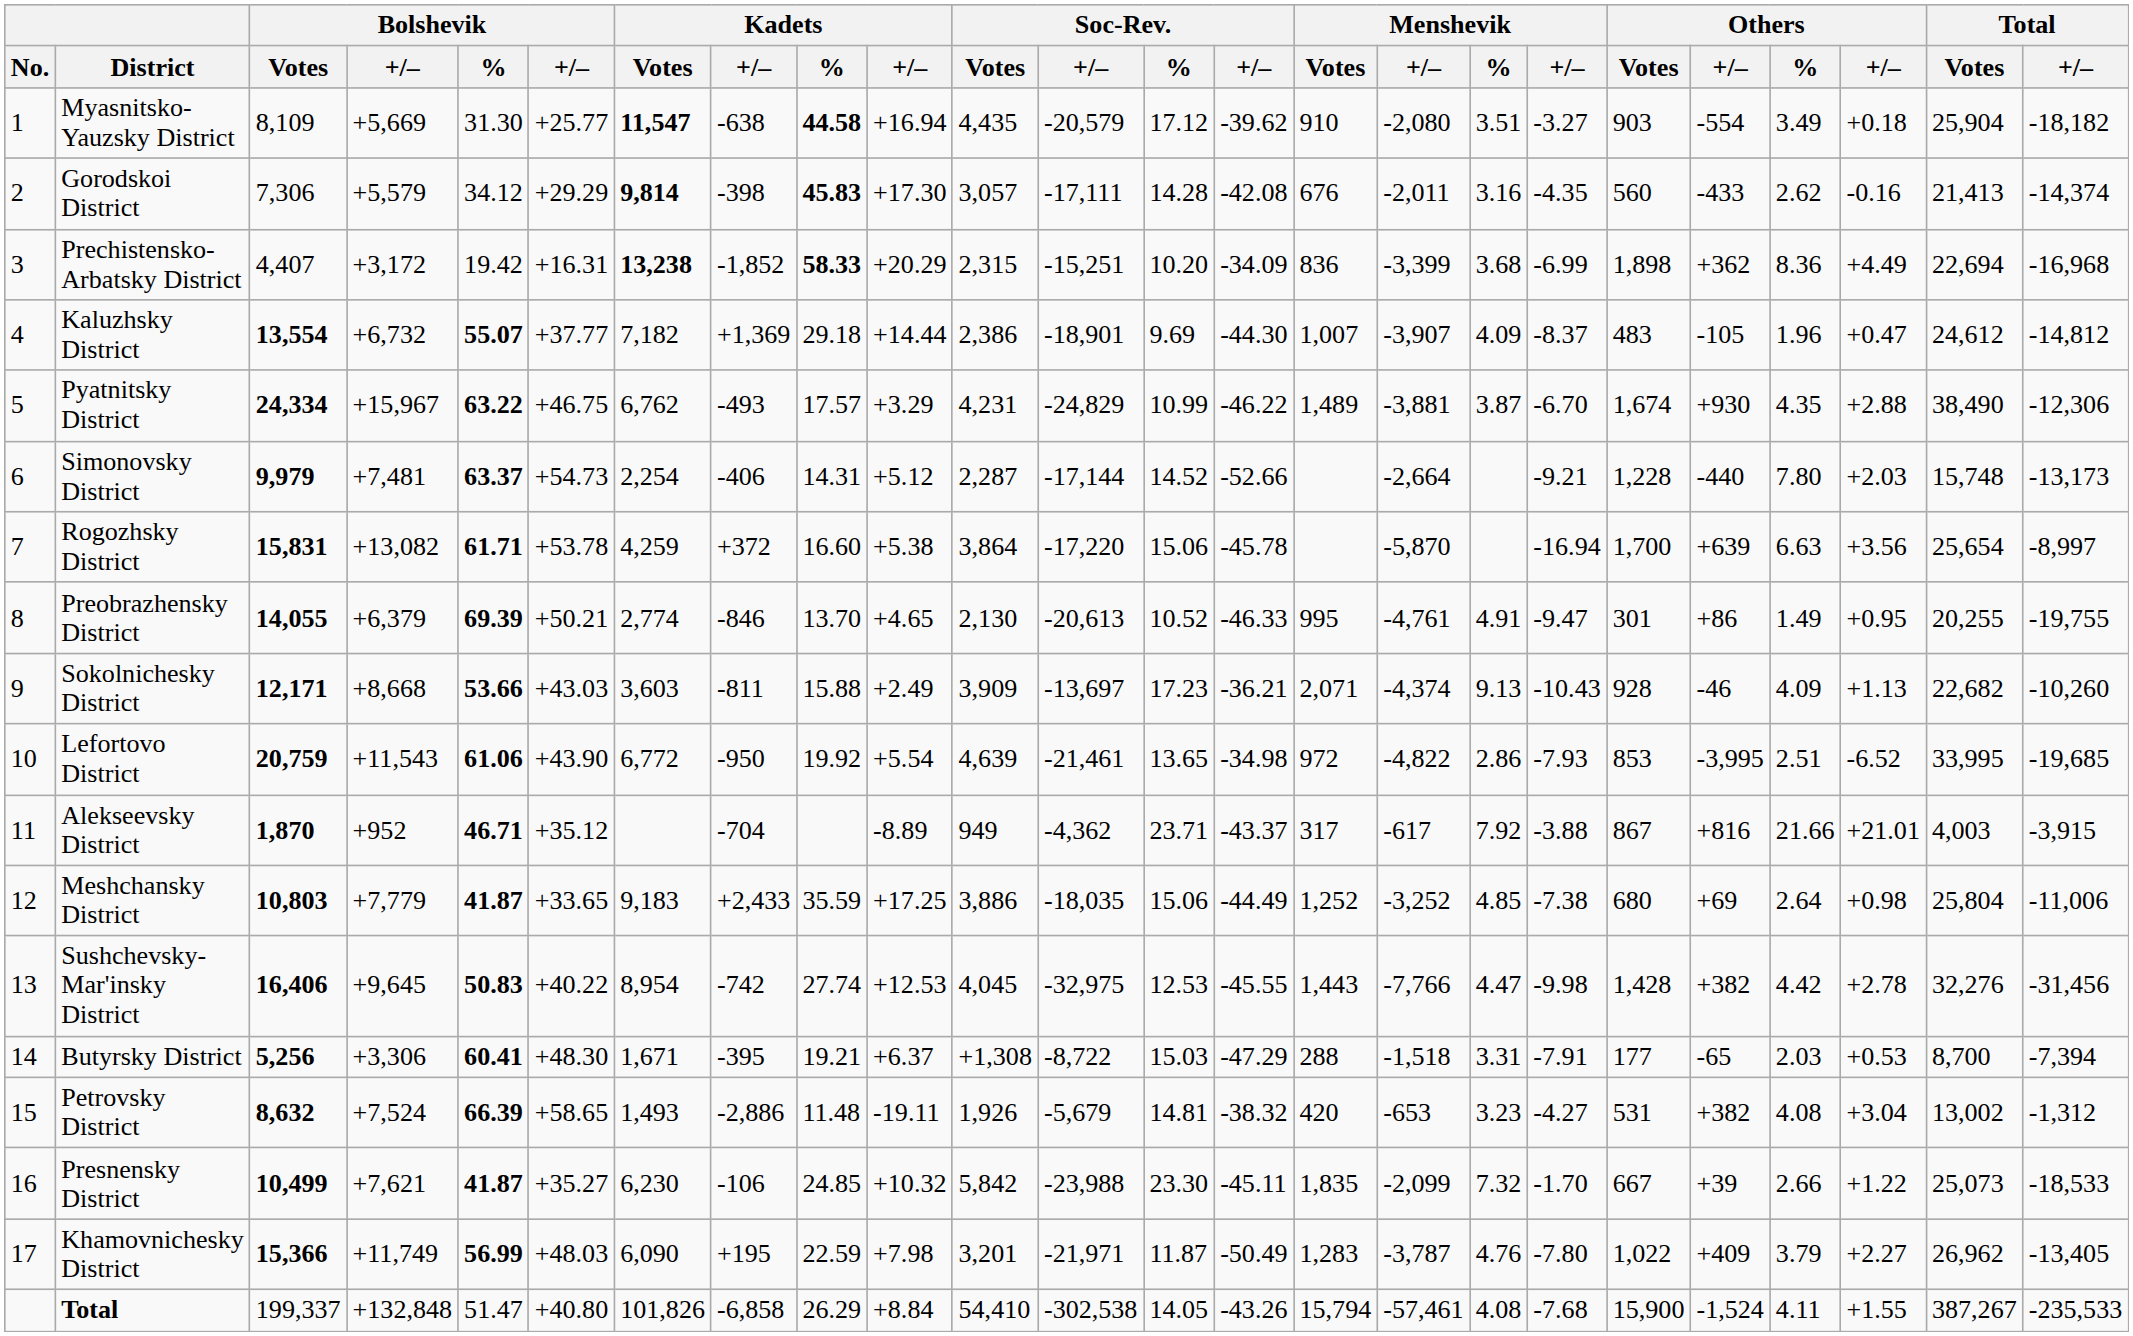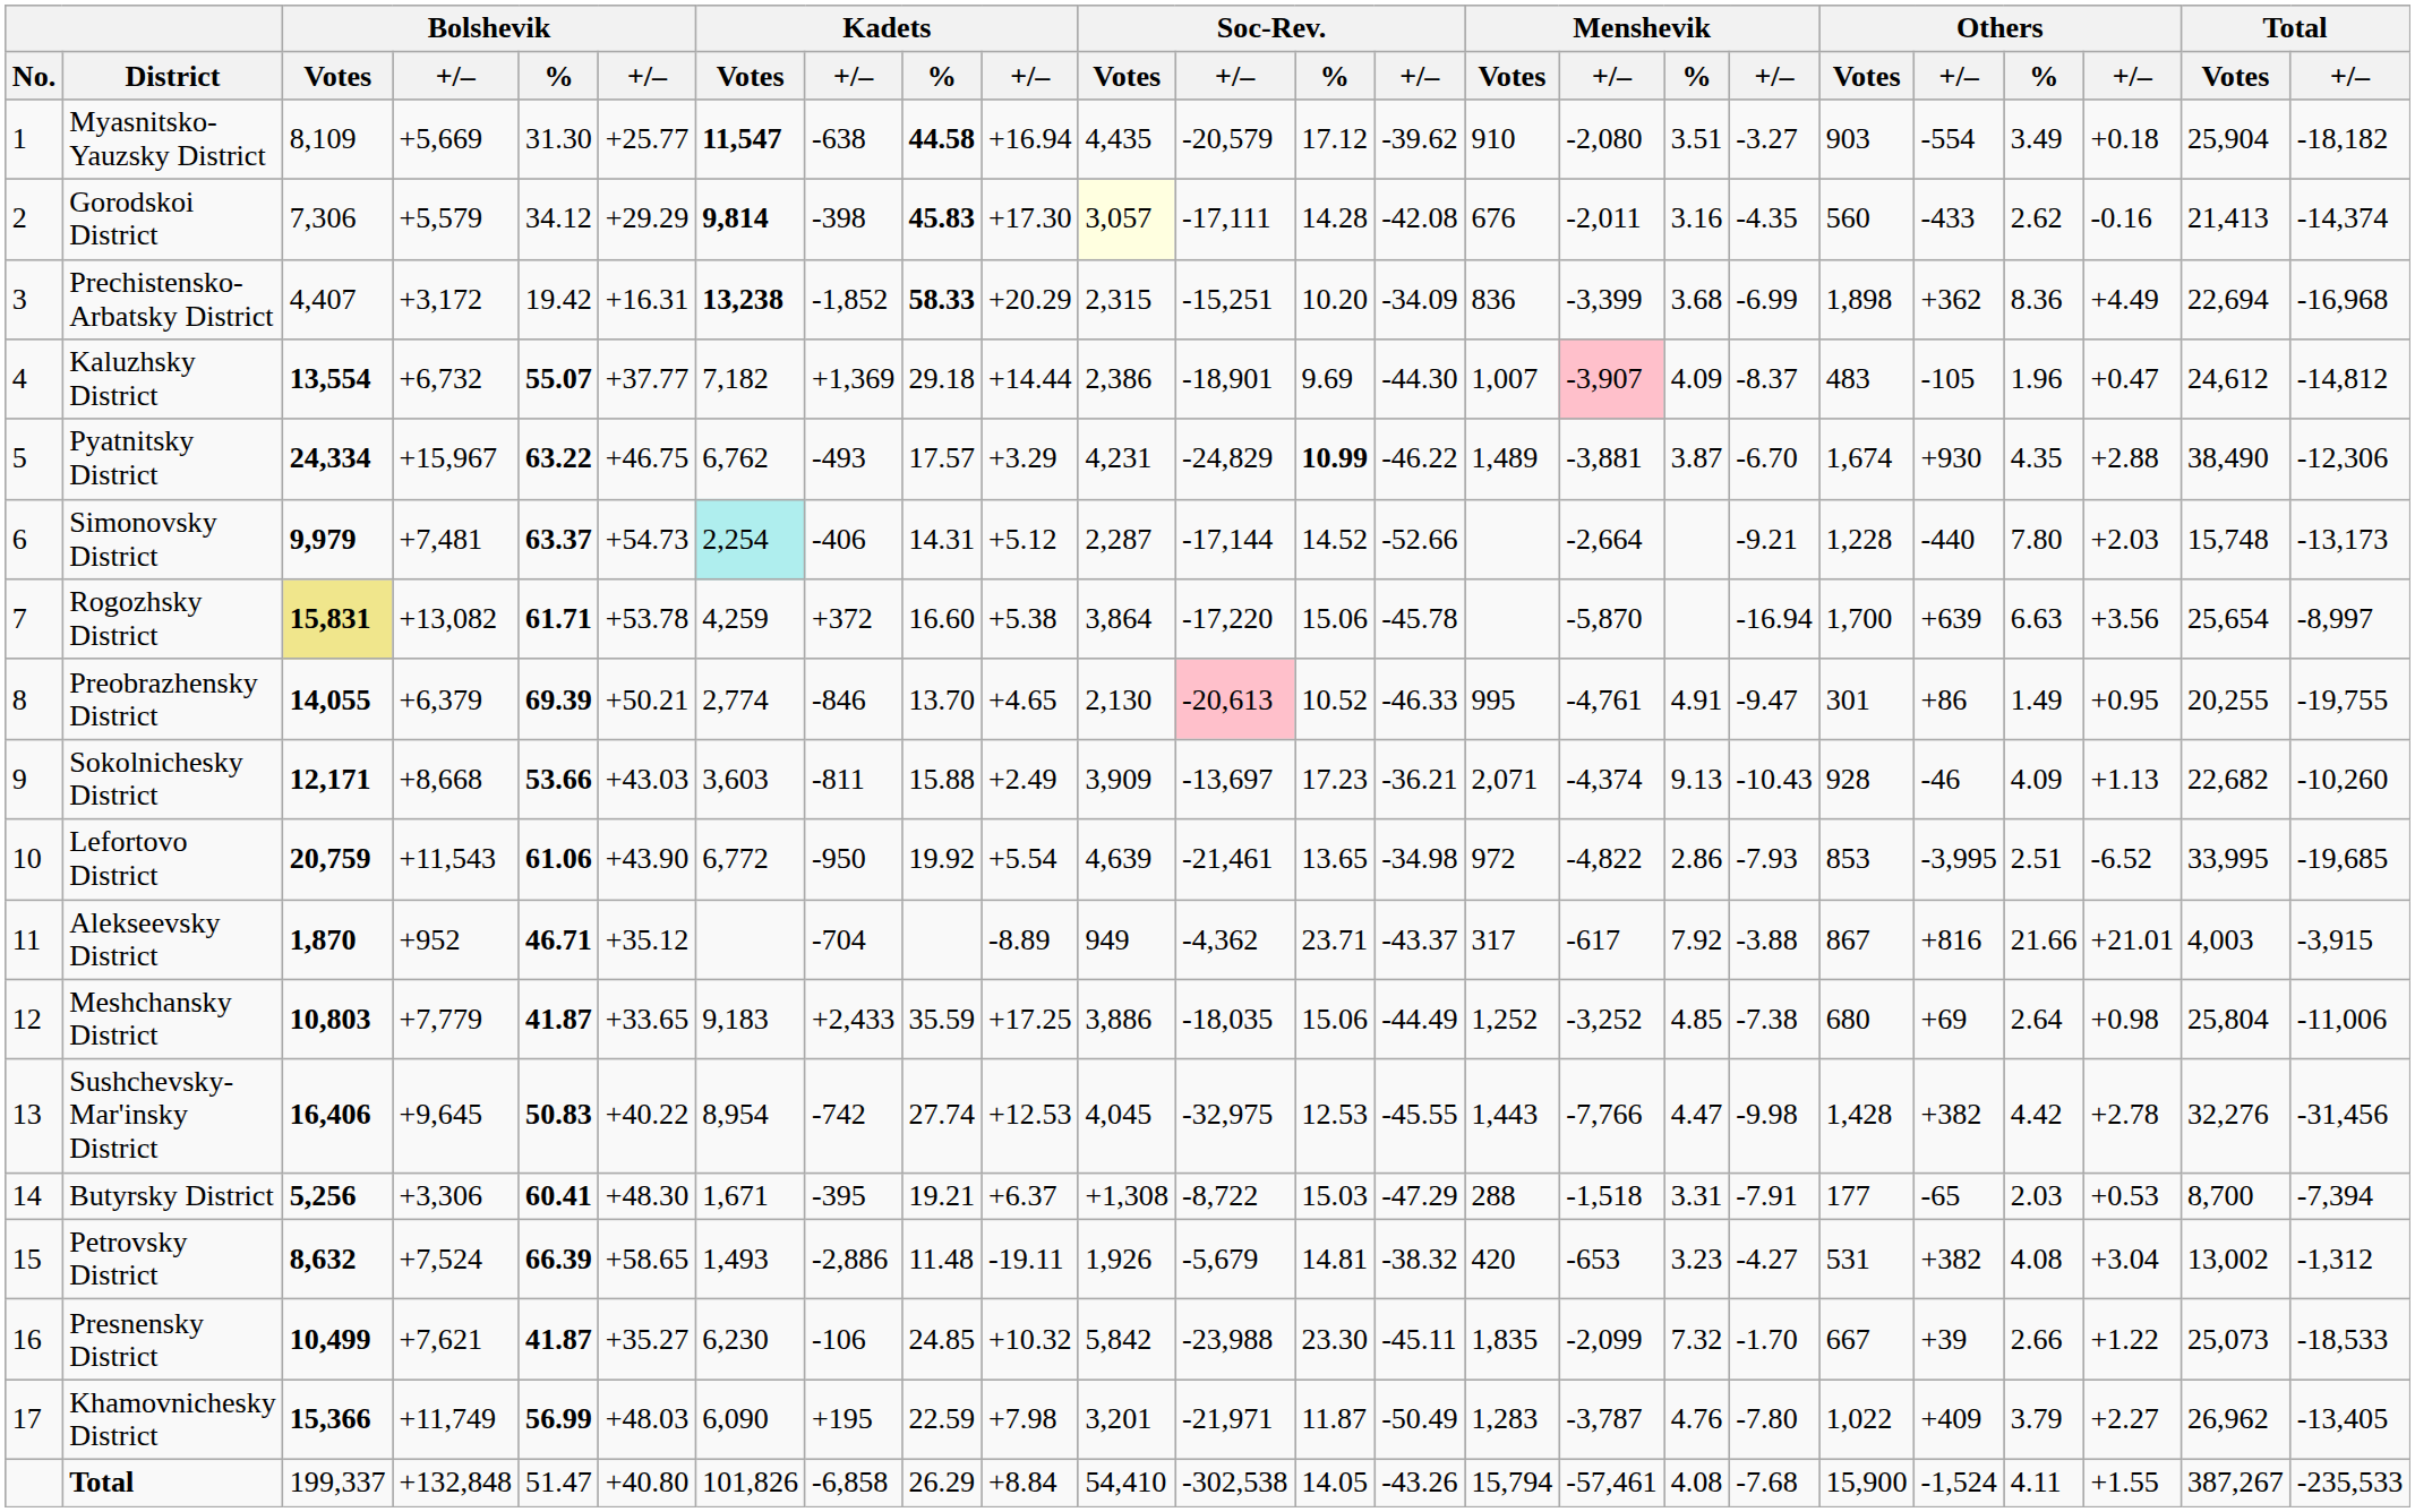 <table class="wikitable sortable">
 <tr>
 <th colspan=2></th>
 <th colspan=4>Bolshevik</th>
 <th colspan=4>Kadets</th>
 <th colspan=4>Soc-Rev.</th>
 <th colspan=4>Menshevik</th>
 <th colspan=4>Others</th>
 <th colspan=2>Total</th>
 </tr>
 <tr>
 <th>No.</th>
 <th>District</th>
 <th>Votes</th>
 <th>+/–</th>
 <th>%</th>
 <th>+/–</th>
 <th>Votes</th>
 <th>+/–</th>
 <th>%</th>
 <th>+/–</th>
 <th>Votes</th>
 <th>+/–</th>
 <th>%</th>
 <th>+/–</th>
 <th>Votes</th>
 <th>+/–</th>
 <th>%</th>
 <th>+/–</th>
 <th>Votes</th>
 <th>+/–</th>
 <th>%</th>
 <th>+/–</th>
 <th>Votes</th>
 <th>+/–</th>
 </tr>
 <tr>
 <td>1</td>
 <td>Myasnitsko-Yauzsky District</td>
 <td>8,109</td>
 <td>+5,669</td>
 <td>31.30</td>
 <td>+25.77</td>
 <td><strong>11,547</strong></td>
 <td>-638</td>
 <td><strong>44.58</strong></td>
 <td>+16.94</td>
 <td>4,435</td>
 <td>-20,579</td>
 <td>17.12</td>
 <td>-39.62</td>
 <td>910</td>
 <td>-2,080</td>
 <td>3.51</td>
 <td>-3.27</td>
 <td>903</td>
 <td>-554</td>
 <td>3.49</td>
 <td>+0.18</td>
 <td>25,904</td>
 <td>-18,182</td>
 </tr>
 <tr>
 <td>2</td>
 <td>Gorodskoi District</td>
 <td>7,306</td>
 <td>+5,579</td>
 <td>34.12</td>
 <td>+29.29</td>
 <td><strong>9,814</strong></td>
 <td>-398</td>
 <td><strong>45.83</strong></td>
 <td>+17.30</td>
-<td>3,057</td>
+<td style="background: lightyellow;">3,057</td>
 <td>-17,111</td>
 <td>14.28</td>
 <td>-42.08</td>
 <td>676</td>
 <td>-2,011</td>
 <td>3.16</td>
 <td>-4.35</td>
 <td>560</td>
 <td>-433</td>
 <td>2.62</td>
 <td>-0.16</td>
 <td>21,413</td>
 <td>-14,374</td>
 </tr>
 <tr>
 <td>3</td>
 <td>Prechistensko-Arbatsky District</td>
 <td>4,407</td>
 <td>+3,172</td>
 <td>19.42</td>
 <td>+16.31</td>
 <td><strong>13,238</strong></td>
 <td>-1,852</td>
 <td><strong>58.33</strong></td>
 <td>+20.29</td>
 <td>2,315</td>
 <td>-15,251</td>
 <td>10.20</td>
 <td>-34.09</td>
 <td>836</td>
 <td>-3,399</td>
 <td>3.68</td>
 <td>-6.99</td>
 <td>1,898</td>
 <td>+362</td>
 <td>8.36</td>
 <td>+4.49</td>
 <td>22,694</td>
 <td>-16,968</td>
 </tr>
 <tr>
 <td>4</td>
 <td>Kaluzhsky District</td>
 <td><strong>13,554</strong></td>
 <td>+6,732</td>
 <td><strong>55.07</strong></td>
 <td>+37.77</td>
 <td>7,182</td>
 <td>+1,369</td>
 <td>29.18</td>
 <td>+14.44</td>
 <td>2,386</td>
 <td>-18,901</td>
 <td>9.69</td>
 <td>-44.30</td>
 <td>1,007</td>
-<td>-3,907</td>
+<td style="background: pink;">-3,907</td>
 <td>4.09</td>
 <td>-8.37</td>
 <td>483</td>
 <td>-105</td>
 <td>1.96</td>
 <td>+0.47</td>
 <td>24,612</td>
 <td>-14,812</td>
 </tr>
 <tr>
 <td>5</td>
 <td>Pyatnitsky District</td>
 <td><strong>24,334</strong></td>
 <td>+15,967</td>
 <td><strong>63.22</strong></td>
 <td>+46.75</td>
 <td>6,762</td>
 <td>-493</td>
 <td>17.57</td>
 <td>+3.29</td>
 <td>4,231</td>
 <td>-24,829</td>
-<td>10.99</td>
+<td><strong>10.99</strong></td>
 <td>-46.22</td>
 <td>1,489</td>
 <td>-3,881</td>
 <td>3.87</td>
 <td>-6.70</td>
 <td>1,674</td>
 <td>+930</td>
 <td>4.35</td>
 <td>+2.88</td>
 <td>38,490</td>
 <td>-12,306</td>
 </tr>
 <tr>
 <td>6</td>
 <td>Simonovsky District</td>
 <td><strong>9,979</strong></td>
 <td>+7,481</td>
 <td><strong>63.37</strong></td>
 <td>+54.73</td>
-<td>2,254</td>
+<td style="background: paleturquoise;">2,254</td>
 <td>-406</td>
 <td>14.31</td>
 <td>+5.12</td>
 <td>2,287</td>
 <td>-17,144</td>
 <td>14.52</td>
 <td>-52.66</td>
 <td></td>
 <td>-2,664</td>
 <td></td>
 <td>-9.21</td>
 <td>1,228</td>
 <td>-440</td>
 <td>7.80</td>
 <td>+2.03</td>
 <td>15,748</td>
 <td>-13,173</td>
 </tr>
 <tr>
 <td>7</td>
 <td>Rogozhsky District</td>
-<td><strong>15,831</strong></td>
+<td style="background: khaki;"><strong>15,831</strong></td>
 <td>+13,082</td>
 <td><strong>61.71</strong></td>
 <td>+53.78</td>
 <td>4,259</td>
 <td>+372</td>
 <td>16.60</td>
 <td>+5.38</td>
 <td>3,864</td>
 <td>-17,220</td>
 <td>15.06</td>
 <td>-45.78</td>
 <td></td>
 <td>-5,870</td>
 <td></td>
 <td>-16.94</td>
 <td>1,700</td>
 <td>+639</td>
 <td>6.63</td>
 <td>+3.56</td>
 <td>25,654</td>
 <td>-8,997</td>
 </tr>
 <tr>
 <td>8</td>
 <td>Preobrazhensky District</td>
 <td><strong>14,055</strong></td>
 <td>+6,379</td>
 <td><strong>69.39</strong></td>
 <td>+50.21</td>
 <td>2,774</td>
 <td>-846</td>
 <td>13.70</td>
 <td>+4.65</td>
 <td>2,130</td>
-<td>-20,613</td>
+<td style="background: pink;">-20,613</td>
 <td>10.52</td>
 <td>-46.33</td>
 <td>995</td>
 <td>-4,761</td>
 <td>4.91</td>
 <td>-9.47</td>
 <td>301</td>
 <td>+86</td>
 <td>1.49</td>
 <td>+0.95</td>
 <td>20,255</td>
 <td>-19,755</td>
 </tr>
 <tr>
 <td>9</td>
 <td>Sokolnichesky District</td>
 <td><strong>12,171</strong></td>
 <td>+8,668</td>
 <td><strong>53.66</strong></td>
 <td>+43.03</td>
 <td>3,603</td>
 <td>-811</td>
 <td>15.88</td>
 <td>+2.49</td>
 <td>3,909</td>
 <td>-13,697</td>
 <td>17.23</td>
 <td>-36.21</td>
 <td>2,071</td>
 <td>-4,374</td>
 <td>9.13</td>
 <td>-10.43</td>
 <td>928</td>
 <td>-46</td>
 <td>4.09</td>
 <td>+1.13</td>
 <td>22,682</td>
 <td>-10,260</td>
 </tr>
 <tr>
 <td>10</td>
 <td>Lefortovo District</td>
 <td><strong>20,759</strong></td>
 <td>+11,543</td>
 <td><strong>61.06</strong></td>
 <td>+43.90</td>
 <td>6,772</td>
 <td>-950</td>
 <td>19.92</td>
 <td>+5.54</td>
 <td>4,639</td>
 <td>-21,461</td>
 <td>13.65</td>
 <td>-34.98</td>
 <td>972</td>
 <td>-4,822</td>
 <td>2.86</td>
 <td>-7.93</td>
 <td>853</td>
 <td>-3,995</td>
 <td>2.51</td>
 <td>-6.52</td>
 <td>33,995</td>
 <td>-19,685</td>
 </tr>
 <tr>
 <td>11</td>
 <td>Alekseevsky District</td>
 <td><strong>1,870</strong></td>
 <td>+952</td>
 <td><strong>46.71</strong></td>
 <td>+35.12</td>
 <td></td>
 <td>-704</td>
 <td></td>
 <td>-8.89</td>
 <td>949</td>
 <td>-4,362</td>
 <td>23.71</td>
 <td>-43.37</td>
 <td>317</td>
 <td>-617</td>
 <td>7.92</td>
 <td>-3.88</td>
 <td>867</td>
 <td>+816</td>
 <td>21.66</td>
 <td>+21.01</td>
 <td>4,003</td>
 <td>-3,915</td>
 </tr>
 <tr>
 <td>12</td>
 <td>Meshchansky District</td>
 <td><strong>10,803</strong></td>
 <td>+7,779</td>
 <td><strong>41.87</strong></td>
 <td>+33.65</td>
 <td>9,183</td>
 <td>+2,433</td>
 <td>35.59</td>
 <td>+17.25</td>
 <td>3,886</td>
 <td>-18,035</td>
 <td>15.06</td>
 <td>-44.49</td>
 <td>1,252</td>
 <td>-3,252</td>
 <td>4.85</td>
 <td>-7.38</td>
 <td>680</td>
 <td>+69</td>
 <td>2.64</td>
 <td>+0.98</td>
 <td>25,804</td>
 <td>-11,006</td>
 </tr>
 <tr>
 <td>13</td>
 <td>Sushchevsky-Mar'insky District</td>
 <td><strong>16,406</strong></td>
 <td>+9,645</td>
 <td><strong>50.83</strong></td>
 <td>+40.22</td>
 <td>8,954</td>
 <td>-742</td>
 <td>27.74</td>
 <td>+12.53</td>
 <td>4,045</td>
 <td>-32,975</td>
 <td>12.53</td>
 <td>-45.55</td>
 <td>1,443</td>
 <td>-7,766</td>
 <td>4.47</td>
 <td>-9.98</td>
 <td>1,428</td>
 <td>+382</td>
 <td>4.42</td>
 <td>+2.78</td>
 <td>32,276</td>
 <td>-31,456</td>
 </tr>
 <tr>
 <td>14</td>
 <td>Butyrsky District</td>
 <td><strong>5,256</strong></td>
 <td>+3,306</td>
 <td><strong>60.41</strong></td>
 <td>+48.30</td>
 <td>1,671</td>
 <td>-395</td>
 <td>19.21</td>
 <td>+6.37</td>
 <td>+1,308</td>
 <td>-8,722</td>
 <td>15.03</td>
 <td>-47.29</td>
 <td>288</td>
 <td>-1,518</td>
 <td>3.31</td>
 <td>-7.91</td>
 <td>177</td>
 <td>-65</td>
 <td>2.03</td>
 <td>+0.53</td>
 <td>8,700</td>
 <td>-7,394</td>
 </tr>
 <tr>
 <td>15</td>
 <td>Petrovsky District</td>
 <td><strong>8,632</strong></td>
 <td>+7,524</td>
 <td><strong>66.39</strong></td>
 <td>+58.65</td>
 <td>1,493</td>
 <td>-2,886</td>
 <td>11.48</td>
 <td>-19.11</td>
 <td>1,926</td>
 <td>-5,679</td>
 <td>14.81</td>
 <td>-38.32</td>
 <td>420</td>
 <td>-653</td>
 <td>3.23</td>
 <td>-4.27</td>
 <td>531</td>
 <td>+382</td>
 <td>4.08</td>
 <td>+3.04</td>
 <td>13,002</td>
 <td>-1,312</td>
 </tr>
 <tr>
 <td>16</td>
 <td>Presnensky District</td>
 <td><strong>10,499</strong></td>
 <td>+7,621</td>
 <td><strong>41.87</strong></td>
 <td>+35.27</td>
 <td>6,230</td>
 <td>-106</td>
 <td>24.85</td>
 <td>+10.32</td>
 <td>5,842</td>
 <td>-23,988</td>
 <td>23.30</td>
 <td>-45.11</td>
 <td>1,835</td>
 <td>-2,099</td>
 <td>7.32</td>
 <td>-1.70</td>
 <td>667</td>
 <td>+39</td>
 <td>2.66</td>
 <td>+1.22</td>
 <td>25,073</td>
 <td>-18,533</td>
 </tr>
 <tr>
 <td>17</td>
 <td>Khamovnichesky District</td>
 <td><strong>15,366</strong></td>
 <td>+11,749</td>
 <td><strong>56.99</strong></td>
 <td>+48.03</td>
 <td>6,090</td>
 <td>+195</td>
 <td>22.59</td>
 <td>+7.98</td>
 <td>3,201</td>
 <td>-21,971</td>
 <td>11.87</td>
 <td>-50.49</td>
 <td>1,283</td>
 <td>-3,787</td>
 <td>4.76</td>
 <td>-7.80</td>
 <td>1,022</td>
 <td>+409</td>
 <td>3.79</td>
 <td>+2.27</td>
 <td>26,962</td>
 <td>-13,405</td>
 </tr>
 <tr class=sortbottom>
 <td></td>
 <td><strong>Total</strong></td>
 <td>199,337</td>
 <td>+132,848</td>
 <td>51.47</td>
 <td>+40.80</td>
 <td>101,826</td>
 <td>-6,858</td>
 <td>26.29</td>
 <td>+8.84</td>
 <td>54,410</td>
 <td>-302,538</td>
 <td>14.05</td>
 <td>-43.26</td>
 <td>15,794</td>
 <td>-57,461</td>
 <td>4.08</td>
 <td>-7.68</td>
 <td>15,900</td>
 <td>-1,524</td>
 <td>4.11</td>
 <td>+1.55</td>
 <td>387,267</td>
 <td>-235,533</td>
 </tr>
 </table>
